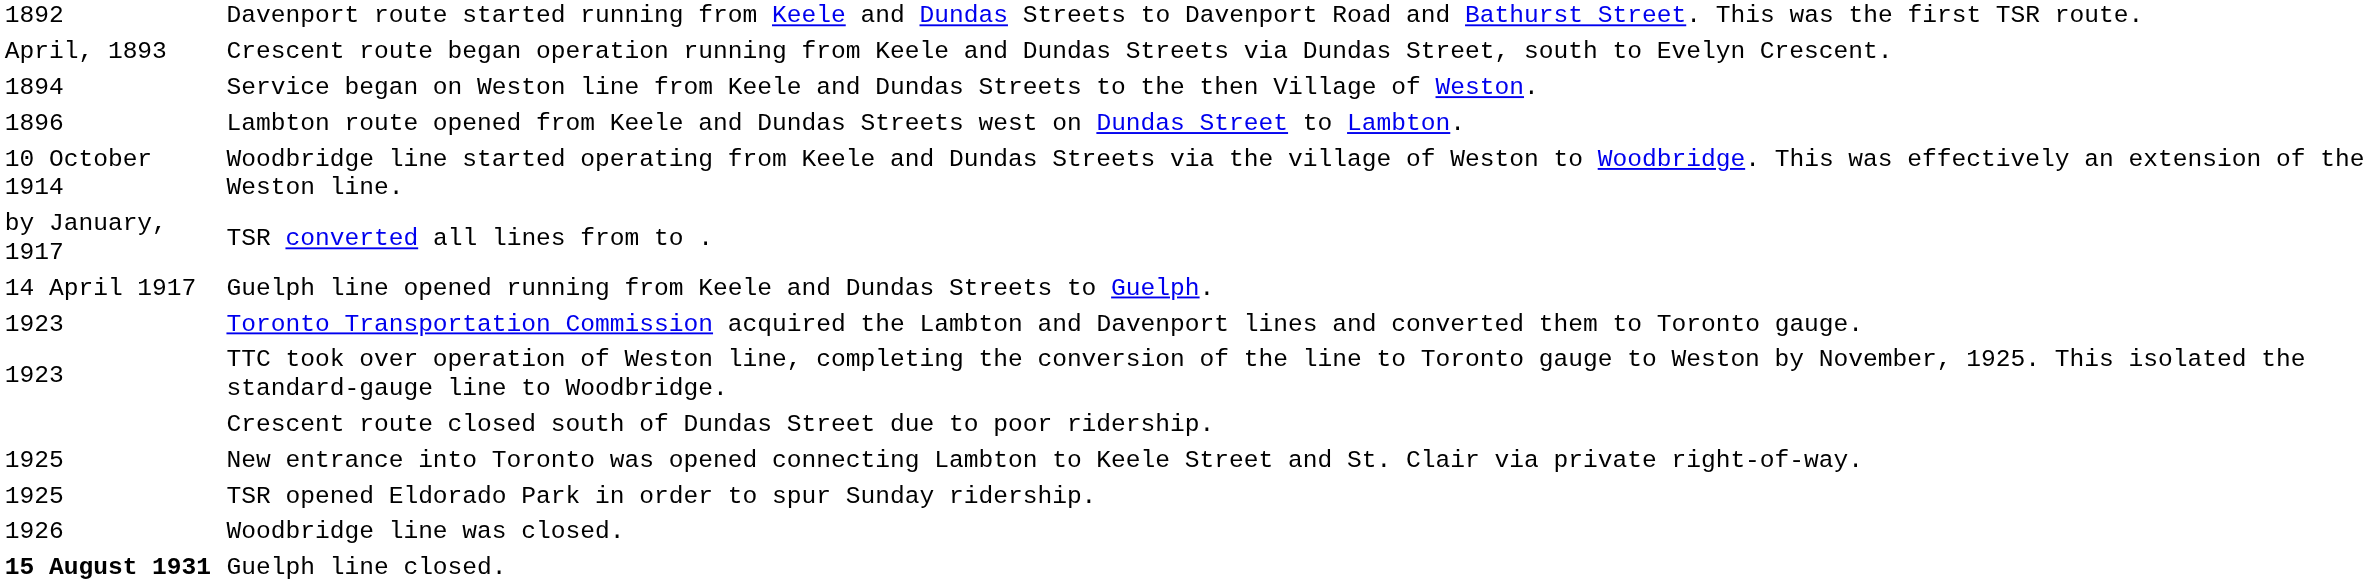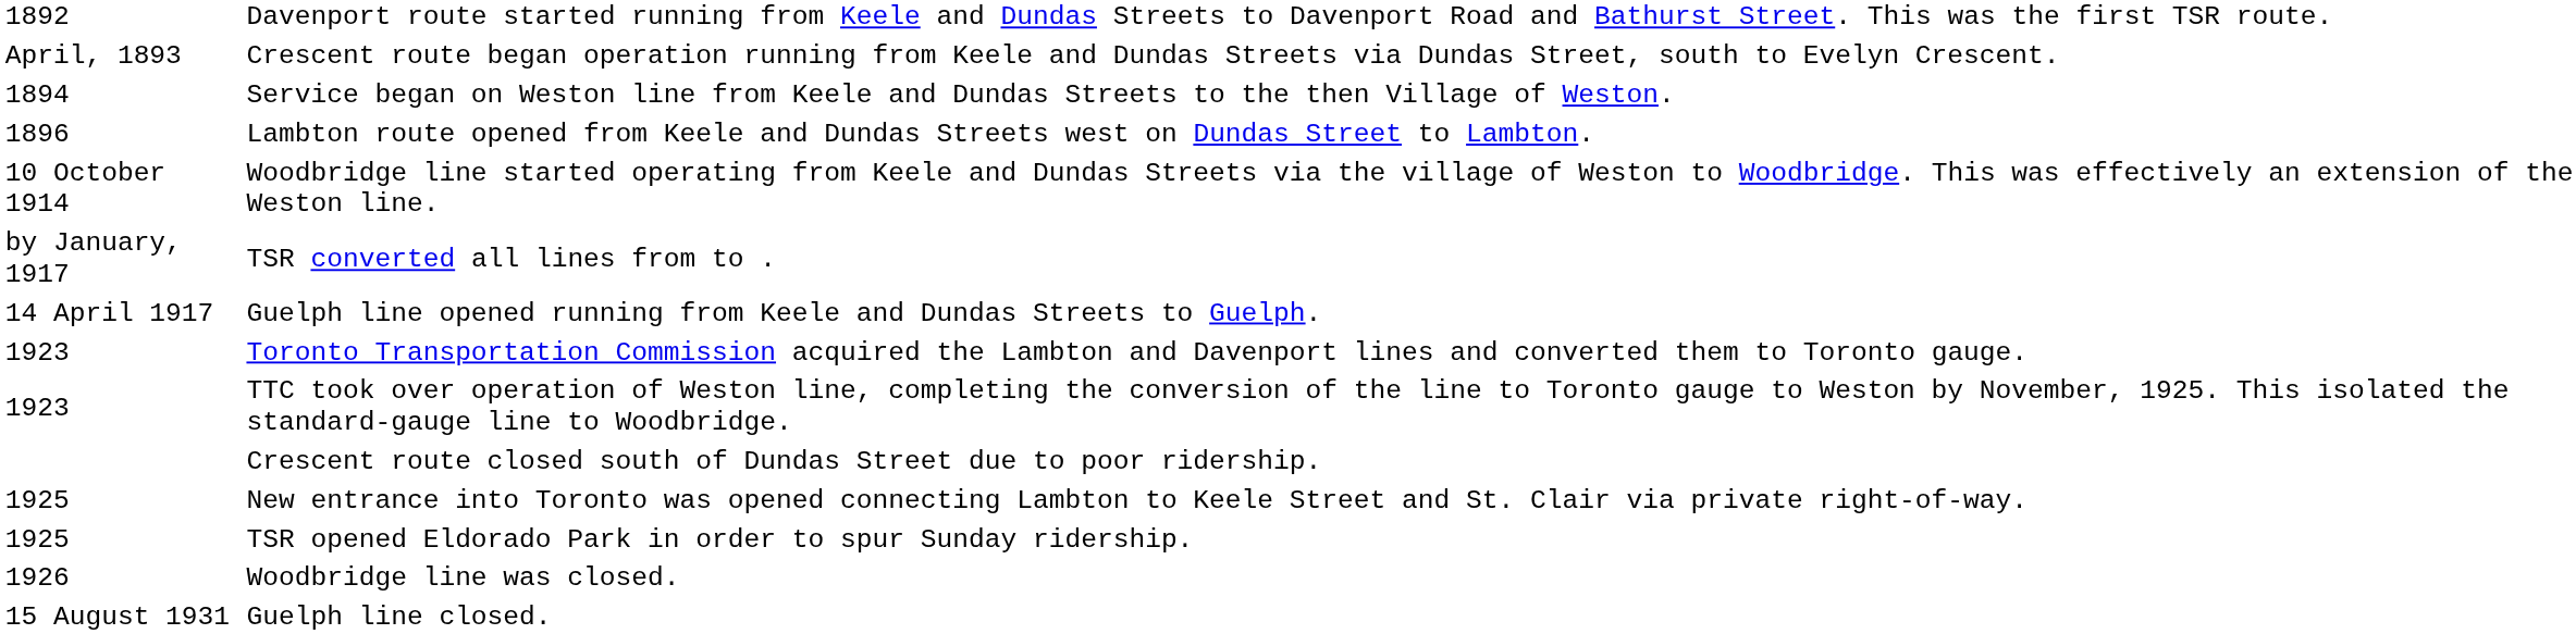 <table>
 <tr>
 <td>1892</td>
 <td>Davenport route started running from <a href='#'>Keele</a> and <a href='#'>Dundas</a> Streets to Davenport Road and <a href='#'>Bathurst Street</a>. This was the first TSR route.</td>
 </tr>
 <tr>
 <td>April, 1893</td>
 <td>Crescent route began operation running from Keele and Dundas Streets via Dundas Street, south to Evelyn Crescent.</td>
 </tr>
 <tr>
 <td>1894</td>
 <td>Service began on Weston line from Keele and Dundas Streets to the then Village of <a href='#'>Weston</a>.</td>
 </tr>
 <tr>
 <td>1896</td>
 <td>Lambton route opened from Keele and Dundas Streets west on <a href='#'>Dundas Street</a> to <a href='#'>Lambton</a>.</td>
 </tr>
 <tr>
 <td>10 October 1914</td>
 <td>Woodbridge line started operating from Keele and Dundas Streets via the village of Weston to <a href='#'>Woodbridge</a>. This was effectively an extension of the Weston line.</td>
 </tr>
 <tr>
 <td>by January, 1917</td>
 <td>TSR <a href='#'>converted</a> all lines from  to .</td>
 </tr>
 <tr>
 <td>14 April 1917</td>
 <td>Guelph line opened running from Keele and Dundas Streets to <a href='#'>Guelph</a>.</td>
 </tr>
 <tr>
 <td>1923</td>
 <td><a href='#'>Toronto Transportation Commission</a> acquired the Lambton and Davenport lines and converted them to Toronto gauge.</td>
 </tr>
 <tr>
 <td>1923</td>
 <td>TTC took over operation of Weston line, completing the conversion of the line to Toronto gauge to Weston by November, 1925. This isolated the standard-gauge line to Woodbridge.</td>
 </tr>
 <tr>
 <td></td>
 <td>Crescent route closed south of Dundas Street due to poor ridership.</td>
 </tr>
 <tr>
 <td>1925</td>
 <td>New entrance into Toronto was opened connecting Lambton to Keele Street and St. Clair via private right-of-way.</td>
 </tr>
 <tr>
 <td>1925</td>
 <td>TSR opened Eldorado Park in order to spur Sunday ridership.</td>
 </tr>
 <tr>
 <td>1926</td>
 <td>Woodbridge line was closed.</td>
 </tr>
 <tr>
-<td><strong>15 August 1931</strong></td>
+<td>15 August 1931</td>
 <td>Guelph line closed.</td>
 </tr>
 </table>
